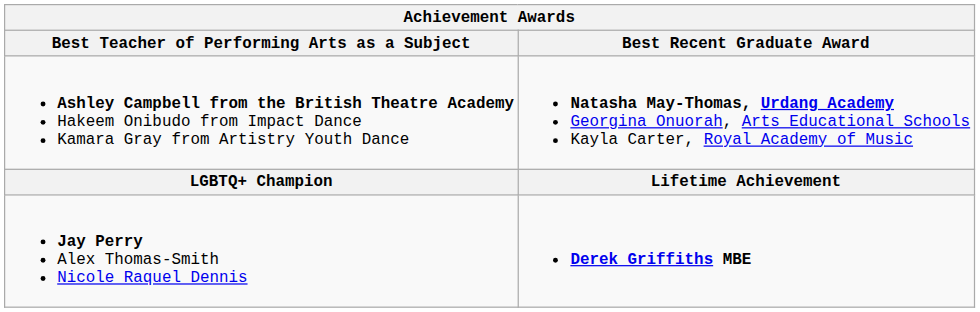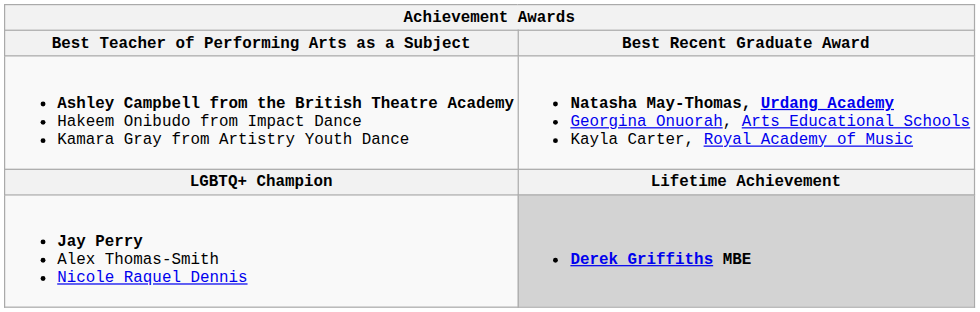 <table class="wikitable">
 <tr>
 <th colspan="2">Achievement Awards</th>
 </tr>
 <tr>
 <th>Best Teacher of Performing Arts as a Subject</th>
 <th>Best Recent Graduate Award</th>
 </tr>
 <tr>
 <td><br><ul><li><strong>Ashley Campbell from the British Theatre Academy</strong></li><li>Hakeem Onibudo from Impact Dance</li><li>Kamara Gray from Artistry Youth Dance</li></ul></td>
 <td><br><ul><li><strong>Natasha May-Thomas, <a href='#'>Urdang Academy</a></strong></li><li><a href='#'>Georgina Onuorah</a>, <a href='#'>Arts Educational Schools</a></li><li>Kayla Carter, <a href='#'>Royal Academy of Music</a></li></ul></td>
 </tr>
 <tr>
 <th>LGBTQ+ Champion</th>
 <th>Lifetime Achievement</th>
 </tr>
 <tr>
 <td><br><ul><li><strong>Jay Perry</strong></li><li>Alex Thomas-Smith</li><li><a href='#'>Nicole Raquel Dennis</a></li></ul></td>
-<td><br><ul><li><strong><a href='#'>Derek Griffiths</a> MBE</strong></li></ul></td>
+<td style="background: lightgrey;"><br><ul><li><strong><a href='#'>Derek Griffiths</a> MBE</strong></li></ul></td>
 </tr>
 </table>
